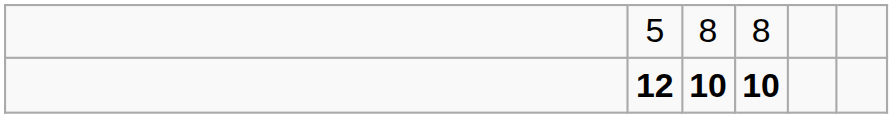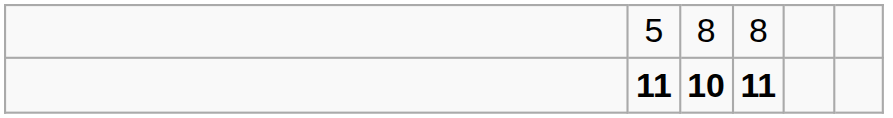 <table class="wikitable">
 <tr>
 <td style="width:18em"></td>
 <td align=center style="width:1em">5</td>
 <td align=center style="width:1em">8</td>
 <td align=center style="width:1em">8</td>
 <td align=center style="width:1em"></td>
 <td align=center style="width:1em"></td>
 </tr>
 <tr>
 <td style="width:18em"></td>
-<td align=center style="width:1em"><strong>12</strong></td>
+<td align=center style="width:1em"><strong>11</strong></td>
 <td align=center style="width:1em"><strong>10</strong></td>
-<td align=center style="width:1em"><strong>10</strong></td>
+<td align=center style="width:1em"><strong>11</strong></td>
 <td align=center style="width:1em"></td>
 <td align=center style="width:1em"></td>
 </tr>
 </table>
